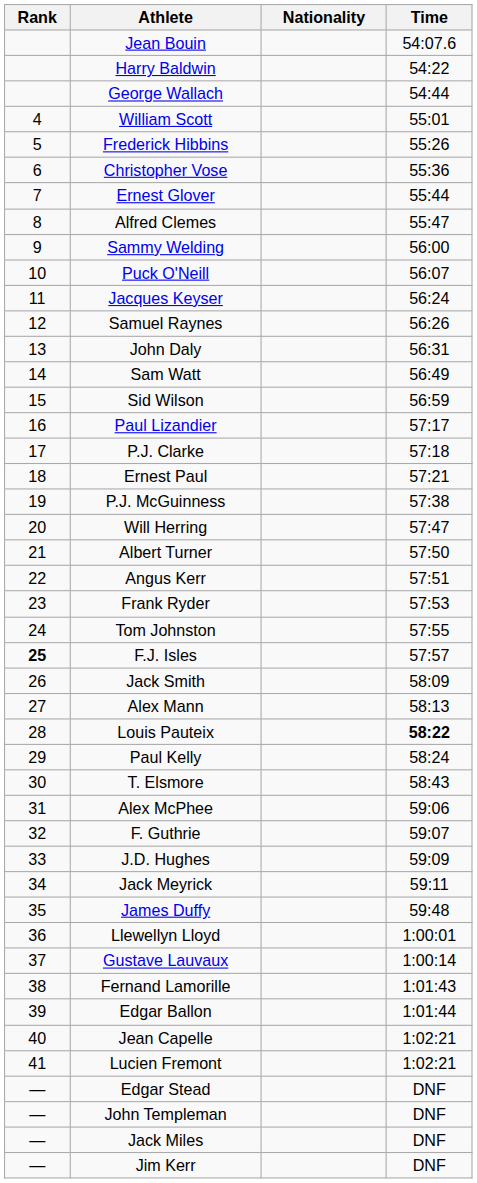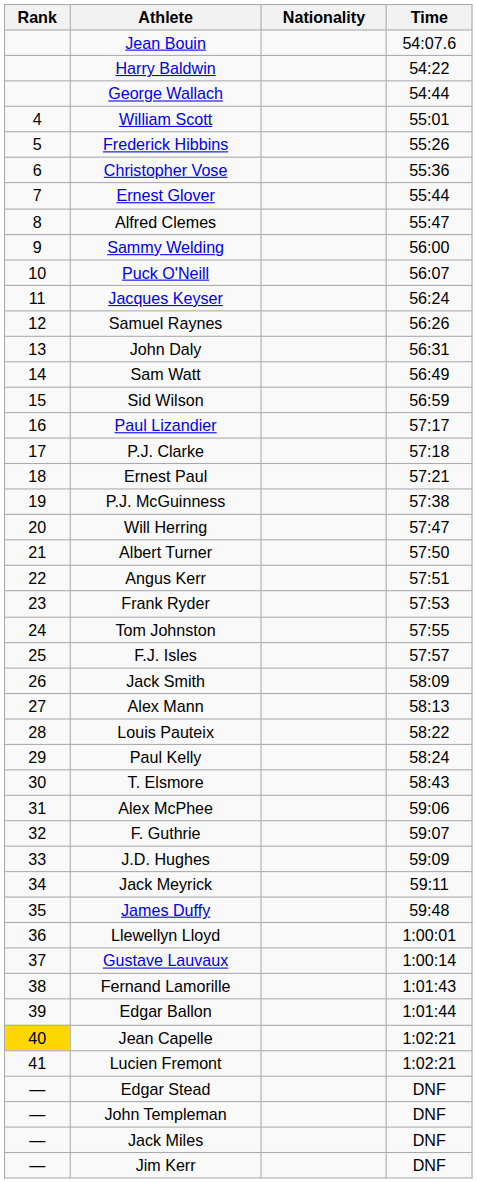 <table class="wikitable sortable" style=" text-align:center; font-size:95%;" width="50%">
 <tr>
 <th>Rank</th>
 <th>Athlete</th>
 <th>Nationality</th>
 <th>Time</th>
 </tr>
 <tr>
 <td align=center></td>
 <td><a href='#'>Jean Bouin</a></td>
 <td></td>
 <td>54:07.6</td>
 </tr>
 <tr>
 <td align=center></td>
 <td><a href='#'>Harry Baldwin</a></td>
 <td></td>
 <td>54:22</td>
 </tr>
 <tr>
 <td align=center></td>
 <td><a href='#'>George Wallach</a></td>
 <td></td>
 <td>54:44</td>
 </tr>
 <tr>
 <td align=center>4</td>
 <td><a href='#'>William Scott</a></td>
 <td></td>
 <td>55:01</td>
 </tr>
 <tr>
 <td align=center>5</td>
 <td><a href='#'>Frederick Hibbins</a></td>
 <td></td>
 <td>55:26</td>
 </tr>
 <tr>
 <td align=center>6</td>
 <td><a href='#'>Christopher Vose</a></td>
 <td></td>
 <td>55:36</td>
 </tr>
 <tr>
 <td align=center>7</td>
 <td><a href='#'>Ernest Glover</a></td>
 <td></td>
 <td>55:44</td>
 </tr>
 <tr>
 <td align=center>8</td>
 <td>Alfred Clemes</td>
 <td></td>
 <td>55:47</td>
 </tr>
 <tr>
 <td align=center>9</td>
 <td><a href='#'>Sammy Welding</a></td>
 <td></td>
 <td>56:00</td>
 </tr>
 <tr>
 <td align=center>10</td>
 <td><a href='#'>Puck O'Neill</a></td>
 <td></td>
 <td>56:07</td>
 </tr>
 <tr>
 <td align=center>11</td>
 <td><a href='#'>Jacques Keyser</a></td>
 <td></td>
 <td>56:24</td>
 </tr>
 <tr>
 <td align=center>12</td>
 <td>Samuel Raynes</td>
 <td></td>
 <td>56:26</td>
 </tr>
 <tr>
 <td align=center>13</td>
 <td>John Daly</td>
 <td></td>
 <td>56:31</td>
 </tr>
 <tr>
 <td align=center>14</td>
 <td>Sam Watt</td>
 <td></td>
 <td>56:49</td>
 </tr>
 <tr>
 <td align=center>15</td>
 <td>Sid Wilson</td>
 <td></td>
 <td>56:59</td>
 </tr>
 <tr>
 <td align=center>16</td>
 <td><a href='#'>Paul Lizandier</a></td>
 <td></td>
 <td>57:17</td>
 </tr>
 <tr>
 <td align=center>17</td>
 <td>P.J. Clarke</td>
 <td></td>
 <td>57:18</td>
 </tr>
 <tr>
 <td align=center>18</td>
 <td>Ernest Paul</td>
 <td></td>
 <td>57:21</td>
 </tr>
 <tr>
 <td align=center>19</td>
 <td>P.J. McGuinness</td>
 <td></td>
 <td>57:38</td>
 </tr>
 <tr>
 <td align=center>20</td>
 <td>Will Herring</td>
 <td></td>
 <td>57:47</td>
 </tr>
 <tr>
 <td align=center>21</td>
 <td>Albert Turner</td>
 <td></td>
 <td>57:50</td>
 </tr>
 <tr>
 <td align=center>22</td>
 <td>Angus Kerr</td>
 <td></td>
 <td>57:51</td>
 </tr>
 <tr>
 <td align=center>23</td>
 <td>Frank Ryder</td>
 <td></td>
 <td>57:53</td>
 </tr>
 <tr>
 <td align=center>24</td>
 <td>Tom Johnston</td>
 <td></td>
 <td>57:55</td>
 </tr>
 <tr>
-<td align=center><strong>25</strong></td>
+<td align=center>25</td>
 <td>F.J. Isles</td>
 <td></td>
 <td>57:57</td>
 </tr>
 <tr>
 <td align=center>26</td>
 <td>Jack Smith</td>
 <td></td>
 <td>58:09</td>
 </tr>
 <tr>
 <td align=center>27</td>
 <td>Alex Mann</td>
 <td></td>
 <td>58:13</td>
 </tr>
 <tr>
 <td align=center>28</td>
 <td>Louis Pauteix</td>
 <td></td>
-<td><strong>58:22</strong></td>
+<td>58:22</td>
 </tr>
 <tr>
 <td align=center>29</td>
 <td>Paul Kelly</td>
 <td></td>
 <td>58:24</td>
 </tr>
 <tr>
 <td align=center>30</td>
 <td>T. Elsmore</td>
 <td></td>
 <td>58:43</td>
 </tr>
 <tr>
 <td align=center>31</td>
 <td>Alex McPhee</td>
 <td></td>
 <td>59:06</td>
 </tr>
 <tr>
 <td align=center>32</td>
 <td>F. Guthrie</td>
 <td></td>
 <td>59:07</td>
 </tr>
 <tr>
 <td align=center>33</td>
 <td>J.D. Hughes</td>
 <td></td>
 <td>59:09</td>
 </tr>
 <tr>
 <td align=center>34</td>
 <td>Jack Meyrick</td>
 <td></td>
 <td>59:11</td>
 </tr>
 <tr>
 <td align=center>35</td>
 <td><a href='#'>James Duffy</a></td>
 <td></td>
 <td>59:48</td>
 </tr>
 <tr>
 <td align=center>36</td>
 <td>Llewellyn Lloyd</td>
 <td></td>
 <td>1:00:01</td>
 </tr>
 <tr>
 <td align=center>37</td>
 <td><a href='#'>Gustave Lauvaux</a></td>
 <td></td>
 <td>1:00:14</td>
 </tr>
 <tr>
 <td align=center>38</td>
 <td>Fernand Lamorille</td>
 <td></td>
 <td>1:01:43</td>
 </tr>
 <tr>
 <td align=center>39</td>
 <td>Edgar Ballon</td>
 <td></td>
 <td>1:01:44</td>
 </tr>
 <tr>
-<td align=center>40</td>
+<td align=center style="background: gold;">40</td>
 <td>Jean Capelle</td>
 <td></td>
 <td>1:02:21</td>
 </tr>
 <tr>
 <td align=center>41</td>
 <td>Lucien Fremont</td>
 <td></td>
 <td>1:02:21</td>
 </tr>
 <tr>
 <td align=center>—</td>
 <td>Edgar Stead</td>
 <td></td>
 <td>DNF</td>
 </tr>
 <tr>
 <td align=center>—</td>
 <td>John Templeman</td>
 <td></td>
 <td>DNF</td>
 </tr>
 <tr>
 <td align=center>—</td>
 <td>Jack Miles</td>
 <td></td>
 <td>DNF</td>
 </tr>
 <tr>
 <td align=center>—</td>
 <td>Jim Kerr</td>
 <td></td>
 <td>DNF</td>
 </tr>
 </table>
